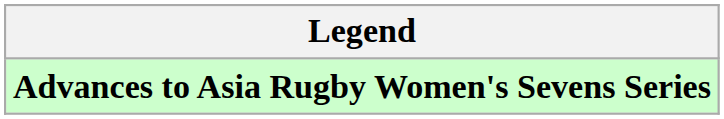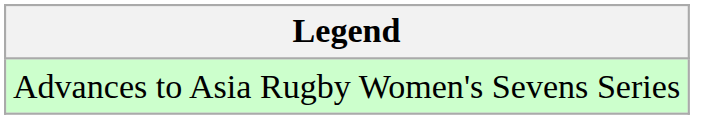 <table class="wikitable">
 <tr>
 <th>Legend</th>
 </tr>
 <tr bgcolor=ccffcc>
-<td><strong>Advances to Asia Rugby Women's Sevens Series</strong></td>
+<td>Advances to Asia Rugby Women's Sevens Series</td>
 </tr>
 </table>
